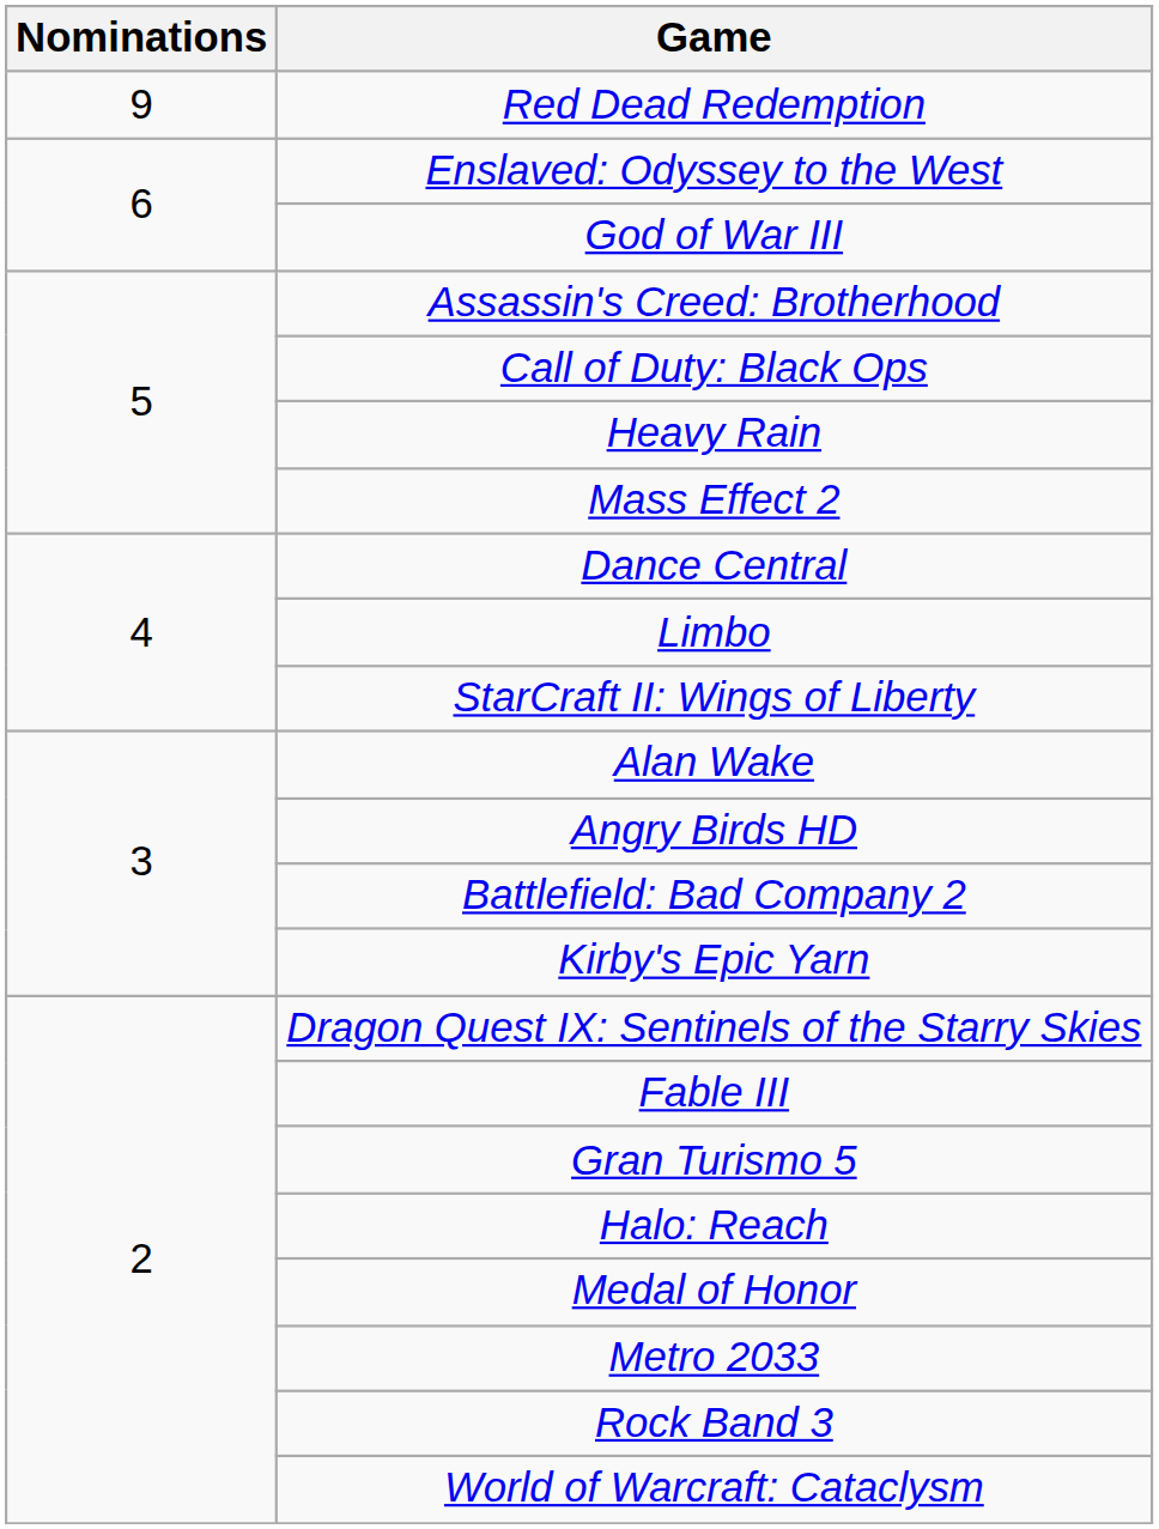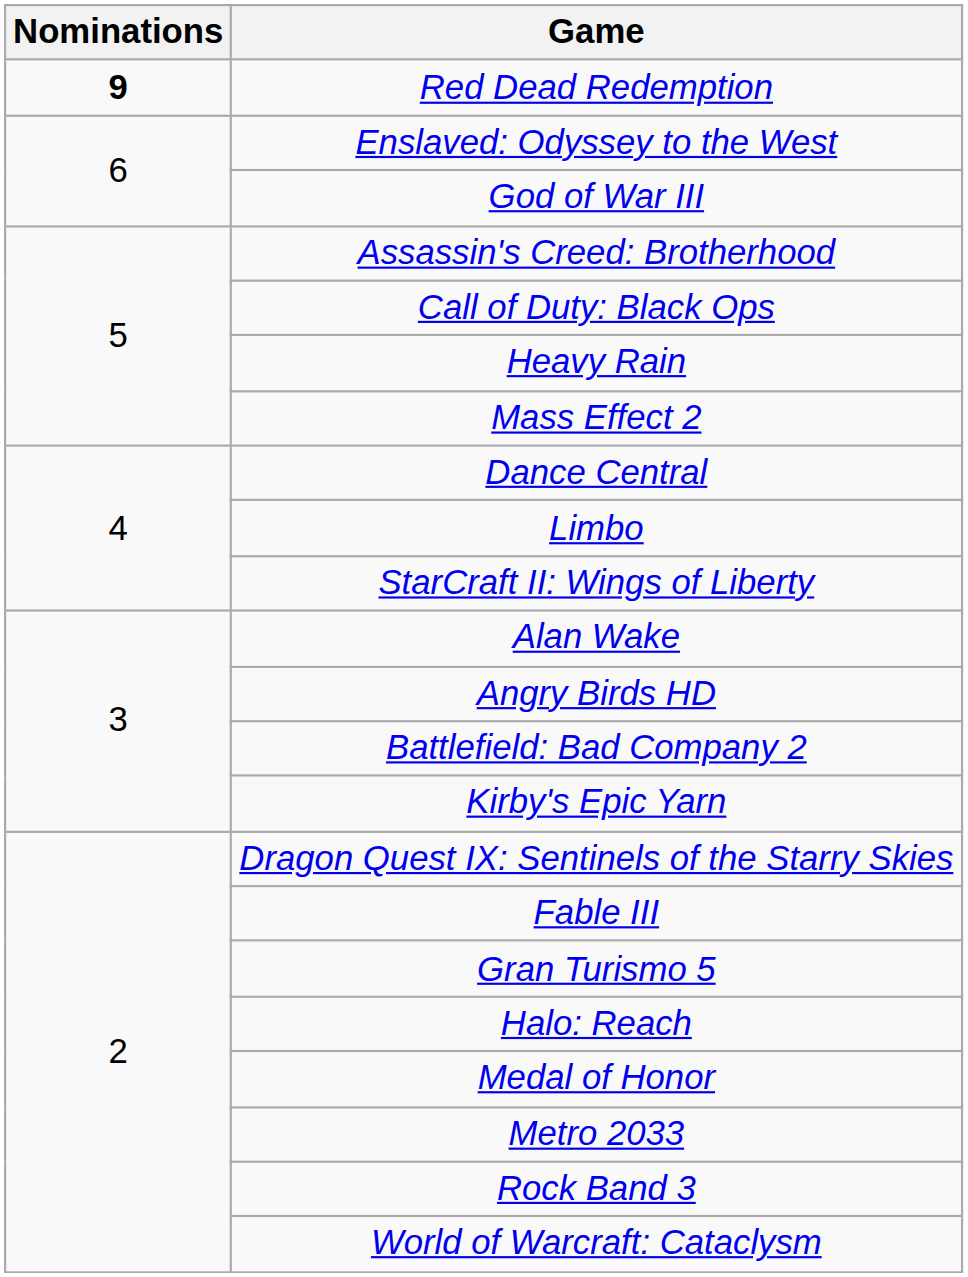 <table class="wikitable floatleft" rowspan="2" style="text-align:center;" background: #f6e39c;>
 <tr>
 <th scope="col">Nominations</th>
 <th scope="col">Game</th>
 </tr>
 <tr>
-<td>9</td>
+<td><strong>9</strong></td>
 <td><em><a href='#'>Red Dead Redemption</a></em></td>
 </tr>
 <tr>
 <td rowspan=2>6</td>
 <td><em><a href='#'>Enslaved: Odyssey to the West</a></em></td>
 </tr>
 <tr>
 <td><em><a href='#'>God of War III</a></em></td>
 </tr>
 <tr>
 <td rowspan=4>5</td>
 <td><em><a href='#'>Assassin's Creed: Brotherhood</a></em></td>
 </tr>
 <tr>
 <td><em><a href='#'>Call of Duty: Black Ops</a></em></td>
 </tr>
 <tr>
 <td><em><a href='#'>Heavy Rain</a></em></td>
 </tr>
 <tr>
 <td><em><a href='#'>Mass Effect 2</a></em></td>
 </tr>
 <tr>
 <td rowspan=3>4</td>
 <td><em><a href='#'>Dance Central</a></em></td>
 </tr>
 <tr>
 <td><em><a href='#'>Limbo</a></em></td>
 </tr>
 <tr>
 <td><em><a href='#'>StarCraft II: Wings of Liberty</a></em></td>
 </tr>
 <tr>
 <td rowspan=4>3</td>
 <td><em><a href='#'>Alan Wake</a></em></td>
 </tr>
 <tr>
 <td><em><a href='#'>Angry Birds HD</a></em></td>
 </tr>
 <tr>
 <td><em><a href='#'>Battlefield: Bad Company 2</a></em></td>
 </tr>
 <tr>
 <td><em><a href='#'>Kirby's Epic Yarn</a></em></td>
 </tr>
 <tr>
 <td rowspan=8>2</td>
 <td><em><a href='#'>Dragon Quest IX: Sentinels of the Starry Skies</a></em></td>
 </tr>
 <tr>
 <td><em><a href='#'>Fable III</a></em></td>
 </tr>
 <tr>
 <td><em><a href='#'>Gran Turismo 5</a></em></td>
 </tr>
 <tr>
 <td><em><a href='#'>Halo: Reach</a></em></td>
 </tr>
 <tr>
 <td><em><a href='#'>Medal of Honor</a></em></td>
 </tr>
 <tr>
 <td><em><a href='#'>Metro 2033</a></em></td>
 </tr>
 <tr>
 <td><em><a href='#'>Rock Band 3</a></em></td>
 </tr>
 <tr>
 <td><em><a href='#'>World of Warcraft: Cataclysm</a></em></td>
 </tr>
 </table>
